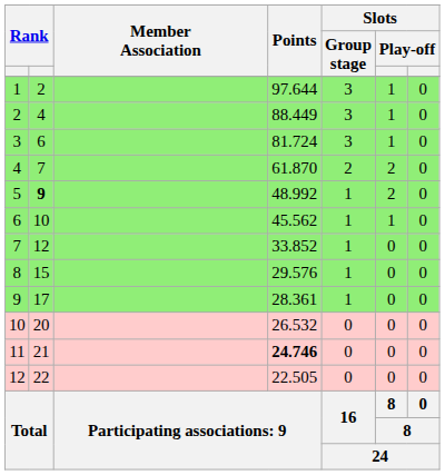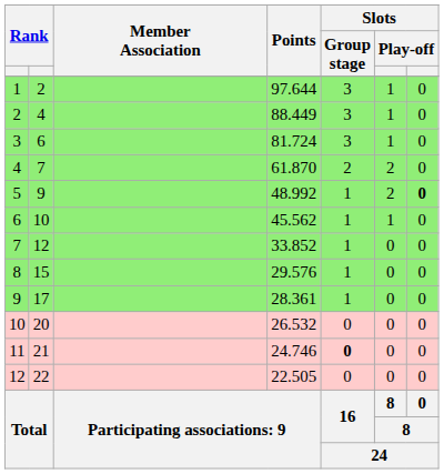 <table class="wikitable" style="text-align:center">
 <tr>
 </tr>
 <tr>
 <th colspan=2 rowspan=2><a href='#'>Rank</a></th>
 <th rowspan=3 width=200>Member<br>Association</th>
 <th rowspan=3>Points</th>
 <th colspan=4>Slots</th>
 </tr>
 <tr>
 <th rowspan=2>Group<br>stage</th>
 <th colspan=2>Play-off</th>
 </tr>
 <tr>
 <th></th>
 <th></th>
 <th></th>
 <th></th>
 </tr>
 <tr>
 </tr>
 <tr bgcolor=#90ee77>
 <td>1</td>
 <td>2</td>
 <td align=left></td>
 <td>97.644</td>
 <td>3</td>
 <td>1</td>
 <td>0</td>
 </tr>
 <tr bgcolor=#90ee77>
 <td>2</td>
 <td>4</td>
 <td align=left></td>
 <td>88.449</td>
 <td>3</td>
 <td>1</td>
 <td>0</td>
 </tr>
 <tr bgcolor=#90ee77>
 <td>3</td>
 <td>6</td>
 <td align=left></td>
 <td>81.724</td>
 <td>3</td>
 <td>1</td>
 <td>0</td>
 </tr>
 <tr bgcolor=#90ee77>
 <td>4</td>
 <td>7</td>
 <td align=left></td>
 <td>61.870</td>
 <td>2</td>
 <td>2</td>
 <td>0</td>
 </tr>
 <tr bgcolor=#90ee77>
 <td>5</td>
-<td><strong>9</strong></td>
+<td>9</td>
 <td align=left></td>
 <td>48.992</td>
 <td>1</td>
 <td>2</td>
-<td>0</td>
+<td><strong>0</strong></td>
 </tr>
 <tr bgcolor=#90ee77>
 <td>6</td>
 <td>10</td>
 <td align=left></td>
 <td>45.562</td>
 <td>1</td>
 <td>1</td>
 <td>0</td>
 </tr>
 <tr bgcolor=#90ee77>
 <td>7</td>
 <td>12</td>
 <td align=left></td>
 <td>33.852</td>
 <td>1</td>
 <td>0</td>
 <td>0</td>
 </tr>
 <tr bgcolor=#90ee77>
 <td>8</td>
 <td>15</td>
 <td align=left></td>
 <td>29.576</td>
 <td>1</td>
 <td>0</td>
 <td>0</td>
 </tr>
 <tr bgcolor=#90ee77>
 <td>9</td>
 <td>17</td>
 <td align=left></td>
 <td>28.361</td>
 <td>1</td>
 <td>0</td>
 <td>0</td>
 </tr>
 <tr bgcolor=ffcccc>
 <td>10</td>
 <td>20</td>
 <td align=left></td>
 <td>26.532</td>
 <td>0</td>
 <td>0</td>
 <td>0</td>
 </tr>
 <tr bgcolor=ffcccc>
 <td>11</td>
 <td>21</td>
 <td align=left></td>
-<td><strong>24.746</strong></td>
-<td>0</td>
+<td>24.746</td>
+<td><strong>0</strong></td>
 <td>0</td>
 <td>0</td>
 </tr>
 <tr bgcolor=ffcccc>
 <td>12</td>
 <td>22</td>
 <td align=left></td>
 <td>22.505</td>
 <td>0</td>
 <td>0</td>
 <td>0</td>
 </tr>
 <tr>
 <th colspan=2 rowspan=3>Total</th>
 <th colspan=2 rowspan=3>Participating associations: 9</th>
 <th rowspan=2>16</th>
 <th>8</th>
 <th>0</th>
 </tr>
 <tr>
 <th colspan=2>8</th>
 </tr>
 <tr>
 <th colspan=3>24</th>
 </tr>
 </table>
